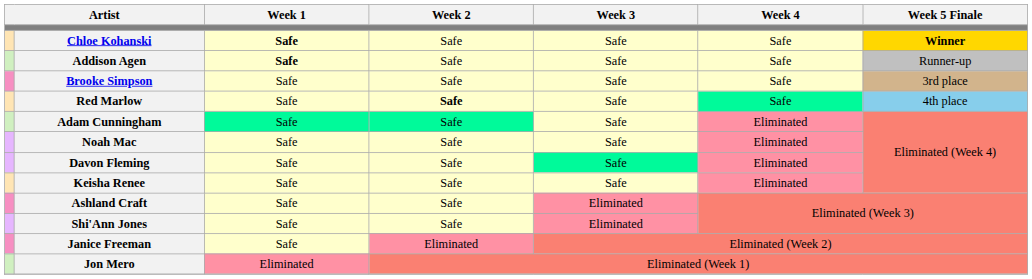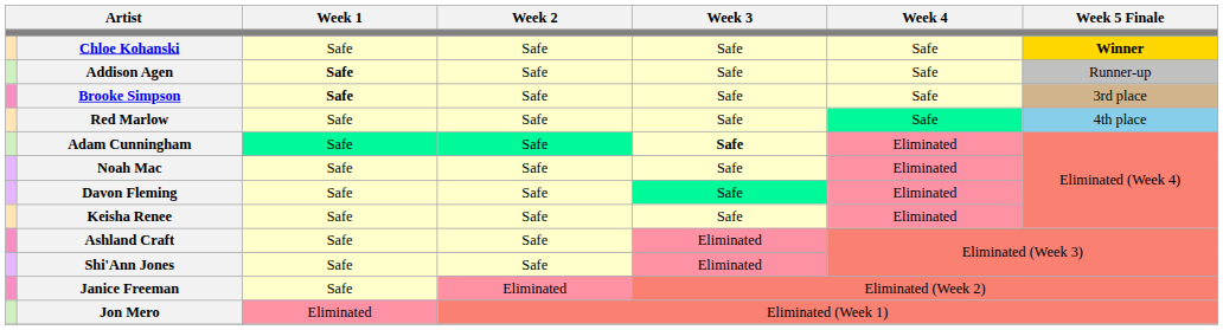 <table class="wikitable"  style="font-size:95%; text-align:center; width:100%;">
 <tr>
 <th colspan="2" width="17%">Artist</th>
 <th width="14%;">Week 1</th>
 <th width="14%;">Week 2</th>
 <th width="14%;">Week 3</th>
 <th width="14%;">Week 4</th>
 <th width="14%;">Week 5 Finale</th>
 </tr>
 <tr>
 <th colspan="8" style="background:gray;"></th>
 </tr>
 <tr>
 <th style="background:#FFE5B4;"></th>
 <th><a href='#'>Chloe Kohanski</a></th>
-<td style="background:#FFFFCC;"><strong>Safe</strong></td>
+<td style="background:#FFFFCC;">Safe</td>
 <td style="background:#FFFFCC;">Safe</td>
 <td style="background:#FFFFCC;">Safe</td>
 <td style="background:#FFFFCC;">Safe</td>
 <td style="background:gold;"><strong>Winner</strong></td>
 </tr>
 <tr>
 <th style="background:#D0F0C0;"></th>
 <th>Addison Agen</th>
 <td style="background:#FFFFCC;"><strong>Safe</strong></td>
 <td style="background:#FFFFCC;">Safe</td>
 <td style="background:#FFFFCC;">Safe</td>
 <td style="background:#FFFFCC;">Safe</td>
 <td style="background:silver;">Runner-up</td>
 </tr>
 <tr>
 <th style="background:#f78fc2;"></th>
 <th><a href='#'>Brooke Simpson</a></th>
-<td style="background:#FFFFCC;">Safe</td>
+<td style="background:#FFFFCC;"><strong>Safe</strong></td>
 <td style="background:#FFFFCC;">Safe</td>
 <td style="background:#FFFFCC;">Safe</td>
 <td style="background:#FFFFCC;">Safe</td>
 <td style="background:tan;">3rd place</td>
 </tr>
 <tr>
 <th style="background:#FFE5B4;"></th>
 <th>Red Marlow</th>
 <td style="background:#FFFFCC;">Safe</td>
-<td style="background:#FFFFCC;"><strong>Safe</strong></td>
+<td style="background:#FFFFCC;">Safe</td>
 <td style="background:#FFFFCC;">Safe</td>
 <td style="background:#00FA9A;">Safe</td>
 <td style="background:skyblue;">4th place</td>
 </tr>
 <tr>
 <th style="background:#D0F0C0;"></th>
 <th>Adam Cunningham</th>
 <td style="background:#00FA9A;">Safe</td>
 <td style="background:#00FA9A;">Safe</td>
-<td style="background:#FFFFCC;">Safe</td>
+<td style="background:#FFFFCC;"><strong>Safe</strong></td>
 <td style="background:#FF91A4;">Eliminated</td>
 <td rowspan="4" colspan="2" style="background:salmon;">Eliminated (Week 4)</td>
 </tr>
 <tr>
 <th style="background:#E6B6FF;"></th>
 <th>Noah Mac</th>
 <td style="background:#FFFFCC;">Safe</td>
 <td style="background:#FFFFCC;">Safe</td>
 <td style="background:#FFFFCC;">Safe</td>
 <td style="background:#FF91A4;">Eliminated</td>
 </tr>
 <tr>
 <th style="background:#E6B6FF;"></th>
 <th>Davon Fleming</th>
 <td style="background:#FFFFCC;">Safe</td>
 <td style="background:#FFFFCC;">Safe</td>
 <td style="background:#00FA9A;">Safe</td>
 <td style="background:#FF91A4;">Eliminated</td>
 </tr>
 <tr>
 <th style="background:#FFE5B4;"></th>
 <th>Keisha Renee</th>
 <td style="background:#FFFFCC;">Safe</td>
 <td style="background:#FFFFCC;">Safe</td>
 <td style="background:#FFFFCC;">Safe</td>
 <td style="background:#FF91A4;">Eliminated</td>
 </tr>
 <tr>
 <th style="background:#f78fc2;"></th>
 <th>Ashland Craft</th>
 <td style="background:#FFFFCC;">Safe</td>
 <td style="background:#FFFFCC;">Safe</td>
 <td style="background:#FF91A4;">Eliminated</td>
 <td rowspan="2" colspan="2" style="background:salmon;">Eliminated (Week 3)</td>
 </tr>
 <tr>
 <th style="background:#E6B6FF;"></th>
 <th>Shi'Ann Jones</th>
 <td style="background:#FFFFCC;">Safe</td>
 <td style="background:#FFFFCC;">Safe</td>
 <td style="background:#FF91A4;">Eliminated</td>
 </tr>
 <tr>
 <th style="background:#f78fc2;"></th>
 <th>Janice Freeman</th>
 <td style="background:#FFFFCC;">Safe</td>
 <td style="background:#FF91A4;">Eliminated</td>
 <td colspan="3" style="background:salmon;">Eliminated (Week 2)</td>
 </tr>
 <tr>
 <th style="background:#D0F0C0;"></th>
 <th>Jon Mero</th>
 <td style="background:#FF91A4;">Eliminated</td>
 <td colspan="4" style="background:salmon;">Eliminated (Week 1)</td>
 </tr>
 <tr>
 </tr>
 </table>
